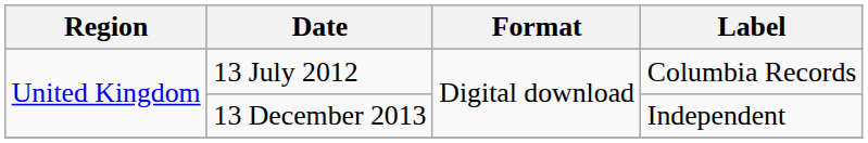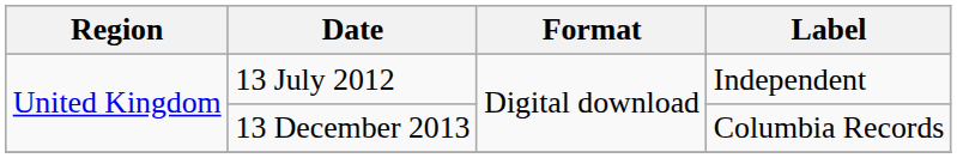 <table class=wikitable>
 <tr>
 <th>Region</th>
 <th>Date</th>
 <th>Format</th>
 <th>Label</th>
 </tr>
 <tr>
 <td rowspan="2"><a href='#'>United Kingdom</a></td>
 <td>13 July 2012</td>
 <td rowspan="2">Digital download</td>
-<td>Columbia Records</td>
+<td>Independent</td>
 </tr>
 <tr>
 <td>13 December 2013</td>
-<td>Independent</td>
+<td>Columbia Records</td>
 </tr>
 <tr>
 </tr>
 </table>
